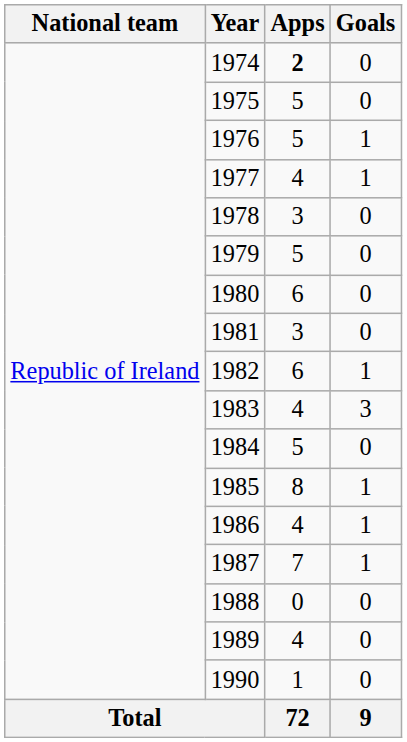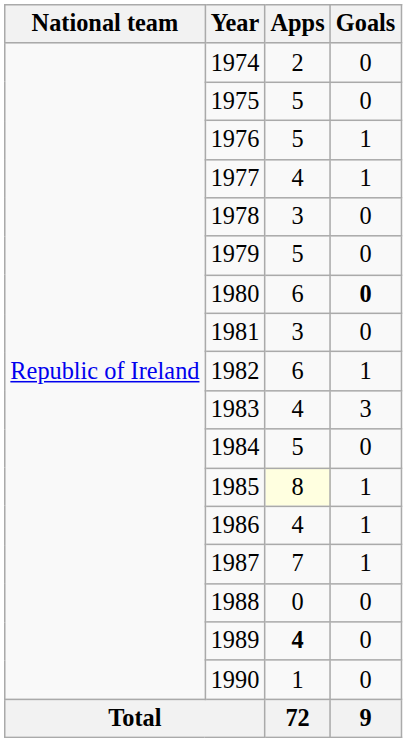 <table class="wikitable" style="text-align:center">
 <tr>
 <th scope="col">National team</th>
 <th scope="col">Year</th>
 <th scope="col">Apps</th>
 <th scope="col">Goals</th>
 </tr>
 <tr>
 <td rowspan="17"><a href='#'>Republic of Ireland</a></td>
 <td>1974</td>
-<td><strong>2</strong></td>
+<td>2</td>
 <td>0</td>
 </tr>
 <tr>
 <td scope="row">1975</td>
 <td>5</td>
 <td>0</td>
 </tr>
 <tr>
 <td scope="row">1976</td>
 <td>5</td>
 <td>1</td>
 </tr>
 <tr>
 <td scope="row">1977</td>
 <td>4</td>
 <td>1</td>
 </tr>
 <tr>
 <td scope="row">1978</td>
 <td>3</td>
 <td>0</td>
 </tr>
 <tr>
 <td scope="row">1979</td>
 <td>5</td>
 <td>0</td>
 </tr>
 <tr>
 <td scope="row">1980</td>
 <td>6</td>
-<td>0</td>
+<td><strong>0</strong></td>
 </tr>
 <tr>
 <td scope="row">1981</td>
 <td>3</td>
 <td>0</td>
 </tr>
 <tr>
 <td scope="row">1982</td>
 <td>6</td>
 <td>1</td>
 </tr>
 <tr>
 <td scope="row">1983</td>
 <td>4</td>
 <td>3</td>
 </tr>
 <tr>
 <td scope="row">1984</td>
 <td>5</td>
 <td>0</td>
 </tr>
 <tr>
 <td scope="row">1985</td>
-<td>8</td>
+<td style="background: lightyellow;">8</td>
 <td>1</td>
 </tr>
 <tr>
 <td scope="row">1986</td>
 <td>4</td>
 <td>1</td>
 </tr>
 <tr>
 <td scope="row">1987</td>
 <td>7</td>
 <td>1</td>
 </tr>
 <tr>
 <td scope="row">1988</td>
 <td>0</td>
 <td>0</td>
 </tr>
 <tr>
 <td scope="row">1989</td>
-<td>4</td>
+<td><strong>4</strong></td>
 <td>0</td>
 </tr>
 <tr>
 <td scope="row">1990</td>
 <td>1</td>
 <td>0</td>
 </tr>
 <tr>
 <th scope="row" colspan="2">Total</th>
 <th>72</th>
 <th>9</th>
 </tr>
 </table>
